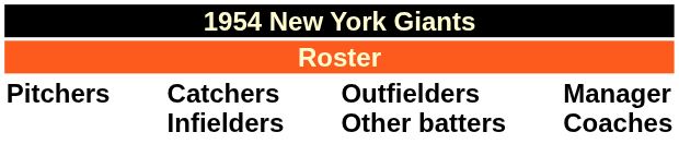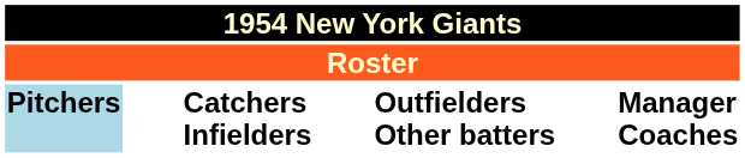 <table class="toccolours" style="font-size: 95%;">
 <tr>
 <th colspan="10" style="background-color: black; color: #FFFDD0; text-align: center;">1954 New York Giants</th>
 </tr>
 <tr>
 <td colspan="10" style="background-color: #fd5a1e; color: #FFFDD0; text-align: center;"><strong>Roster</strong></td>
 </tr>
 <tr>
-<td valign="top"><strong>Pitchers</strong><br>               </td>
+<td valign="top" style="background: lightblue;"><strong>Pitchers</strong><br>               </td>
 <td width="25px"></td>
 <td valign="top"><strong>Catchers</strong><br>    <strong>Infielders</strong>         </td>
 <td width="25px"></td>
 <td valign="top"><strong>Outfielders</strong><br>       <strong>Other batters</strong>  </td>
 <td width="25px"></td>
 <td valign="top"><strong>Manager</strong><br> <strong>Coaches</strong>    </td>
 </tr>
 <tr>
 </tr>
 </table>
